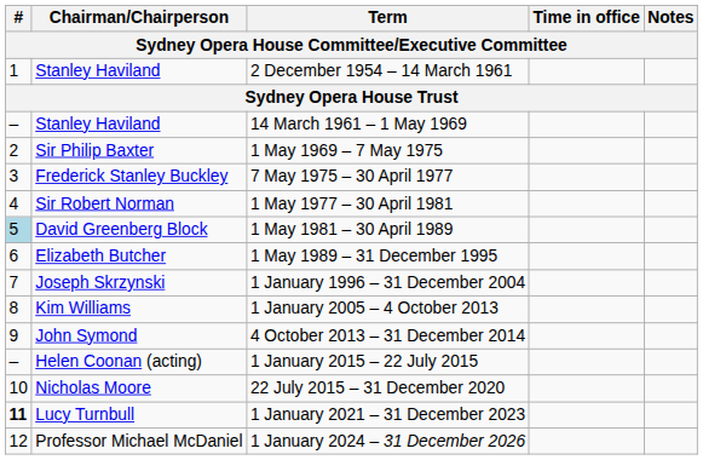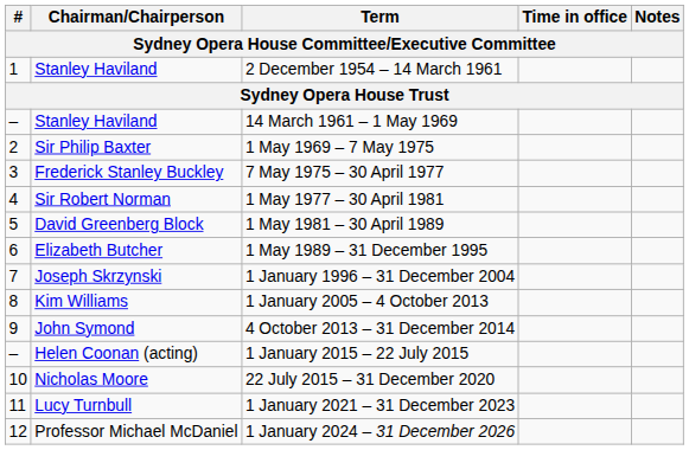 <table class="wikitable">
 <tr>
 <th>#</th>
 <th>Chairman/Chairperson</th>
 <th>Term</th>
 <th>Time in office</th>
 <th>Notes</th>
 </tr>
 <tr>
 <th colspan=5>Sydney Opera House Committee/Executive Committee</th>
 </tr>
 <tr>
 <td>1</td>
 <td><a href='#'>Stanley Haviland</a> </td>
 <td>2 December 1954 – 14 March 1961</td>
 <td></td>
 <td></td>
 </tr>
 <tr>
 <th colspan=5>Sydney Opera House Trust</th>
 </tr>
 <tr>
 <td>–</td>
 <td><a href='#'>Stanley Haviland</a> </td>
 <td>14 March 1961 – 1 May 1969</td>
 <td></td>
 <td></td>
 </tr>
 <tr>
 <td>2</td>
 <td><a href='#'>Sir Philip Baxter</a> </td>
 <td>1 May 1969 – 7 May 1975</td>
 <td></td>
 <td></td>
 </tr>
 <tr>
 <td>3</td>
 <td><a href='#'>Frederick Stanley Buckley</a> </td>
 <td>7 May 1975 – 30 April 1977</td>
 <td></td>
 <td></td>
 </tr>
 <tr>
 <td>4</td>
 <td><a href='#'>Sir Robert Norman</a></td>
 <td>1 May 1977 – 30 April 1981</td>
 <td></td>
 <td></td>
 </tr>
 <tr>
-<td style="background: lightblue;">5</td>
+<td>5</td>
 <td><a href='#'>David Greenberg Block</a> </td>
 <td>1 May 1981 – 30 April 1989</td>
 <td></td>
 <td></td>
 </tr>
 <tr>
 <td>6</td>
 <td><a href='#'>Elizabeth Butcher</a> </td>
 <td>1 May 1989 – 31 December 1995</td>
 <td></td>
 <td></td>
 </tr>
 <tr>
 <td>7</td>
 <td><a href='#'>Joseph Skrzynski</a> </td>
 <td>1 January 1996 – 31 December 2004</td>
 <td></td>
 <td></td>
 </tr>
 <tr>
 <td>8</td>
 <td><a href='#'>Kim Williams</a> </td>
 <td>1 January 2005 – 4 October 2013</td>
 <td></td>
 <td></td>
 </tr>
 <tr>
 <td>9</td>
 <td><a href='#'>John Symond</a> </td>
 <td>4 October 2013 – 31 December 2014</td>
 <td></td>
 <td></td>
 </tr>
 <tr>
 <td>–</td>
 <td><a href='#'>Helen Coonan</a> (acting)</td>
 <td>1 January 2015 – 22 July 2015</td>
 <td></td>
 <td></td>
 </tr>
 <tr>
 <td>10</td>
 <td><a href='#'>Nicholas Moore</a></td>
 <td>22 July 2015 – 31 December 2020</td>
 <td></td>
 <td></td>
 </tr>
 <tr>
-<td><strong>11</strong></td>
+<td>11</td>
 <td><a href='#'>Lucy Turnbull</a> </td>
 <td>1 January 2021 – 31 December 2023</td>
 <td></td>
 <td></td>
 </tr>
 <tr>
 <td>12</td>
 <td>Professor Michael McDaniel </td>
 <td>1 January 2024 – <em>31 December 2026</em></td>
 <td></td>
 <td></td>
 </tr>
 </table>
